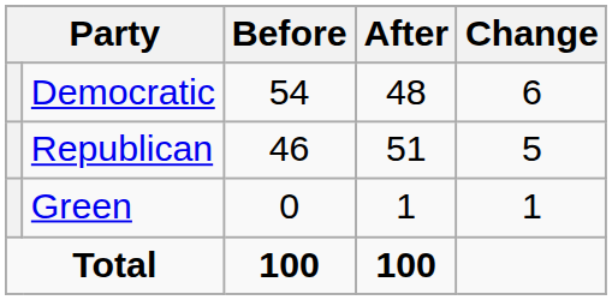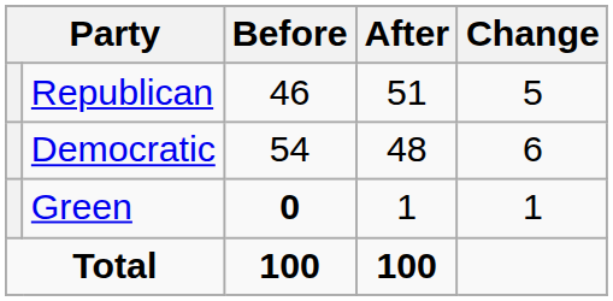 <table class="wikitable" style="text-align:center;">
 <tr>
 </tr>
 <tr>
 <th colspan=2>Party</th>
 <th>Before</th>
 <th>After</th>
 <th>Change</th>
 </tr>
 <tr>
 <th style="background-color:"></th>
+<td style="text-align:left;"><a href='#'>Republican</a></td>
+<td>46</td>
+<td>51</td>
+<td> 5</td>
+</tr>
+<tr>
+<th style="background-color:"></th>
 <td style="text-align:left;"><a href='#'>Democratic</a></td>
 <td>54</td>
 <td>48</td>
 <td> 6</td>
 </tr>
 <tr>
 <th style="background-color:"></th>
-<td style="text-align:left;"><a href='#'>Republican</a></td>
-<td>46</td>
-<td>51</td>
-<td> 5</td>
-</tr>
-<tr>
-<th style="background-color:"></th>
 <td style="text-align:left;"><a href='#'>Green</a></td>
-<td>0</td>
+<td><strong>0</strong></td>
 <td>1</td>
 <td> 1</td>
 </tr>
 <tr>
 <td colspan=2><strong>Total</strong></td>
 <td><strong>100</strong></td>
 <td><strong>100</strong></td>
 <td></td>
 </tr>
 </table>
